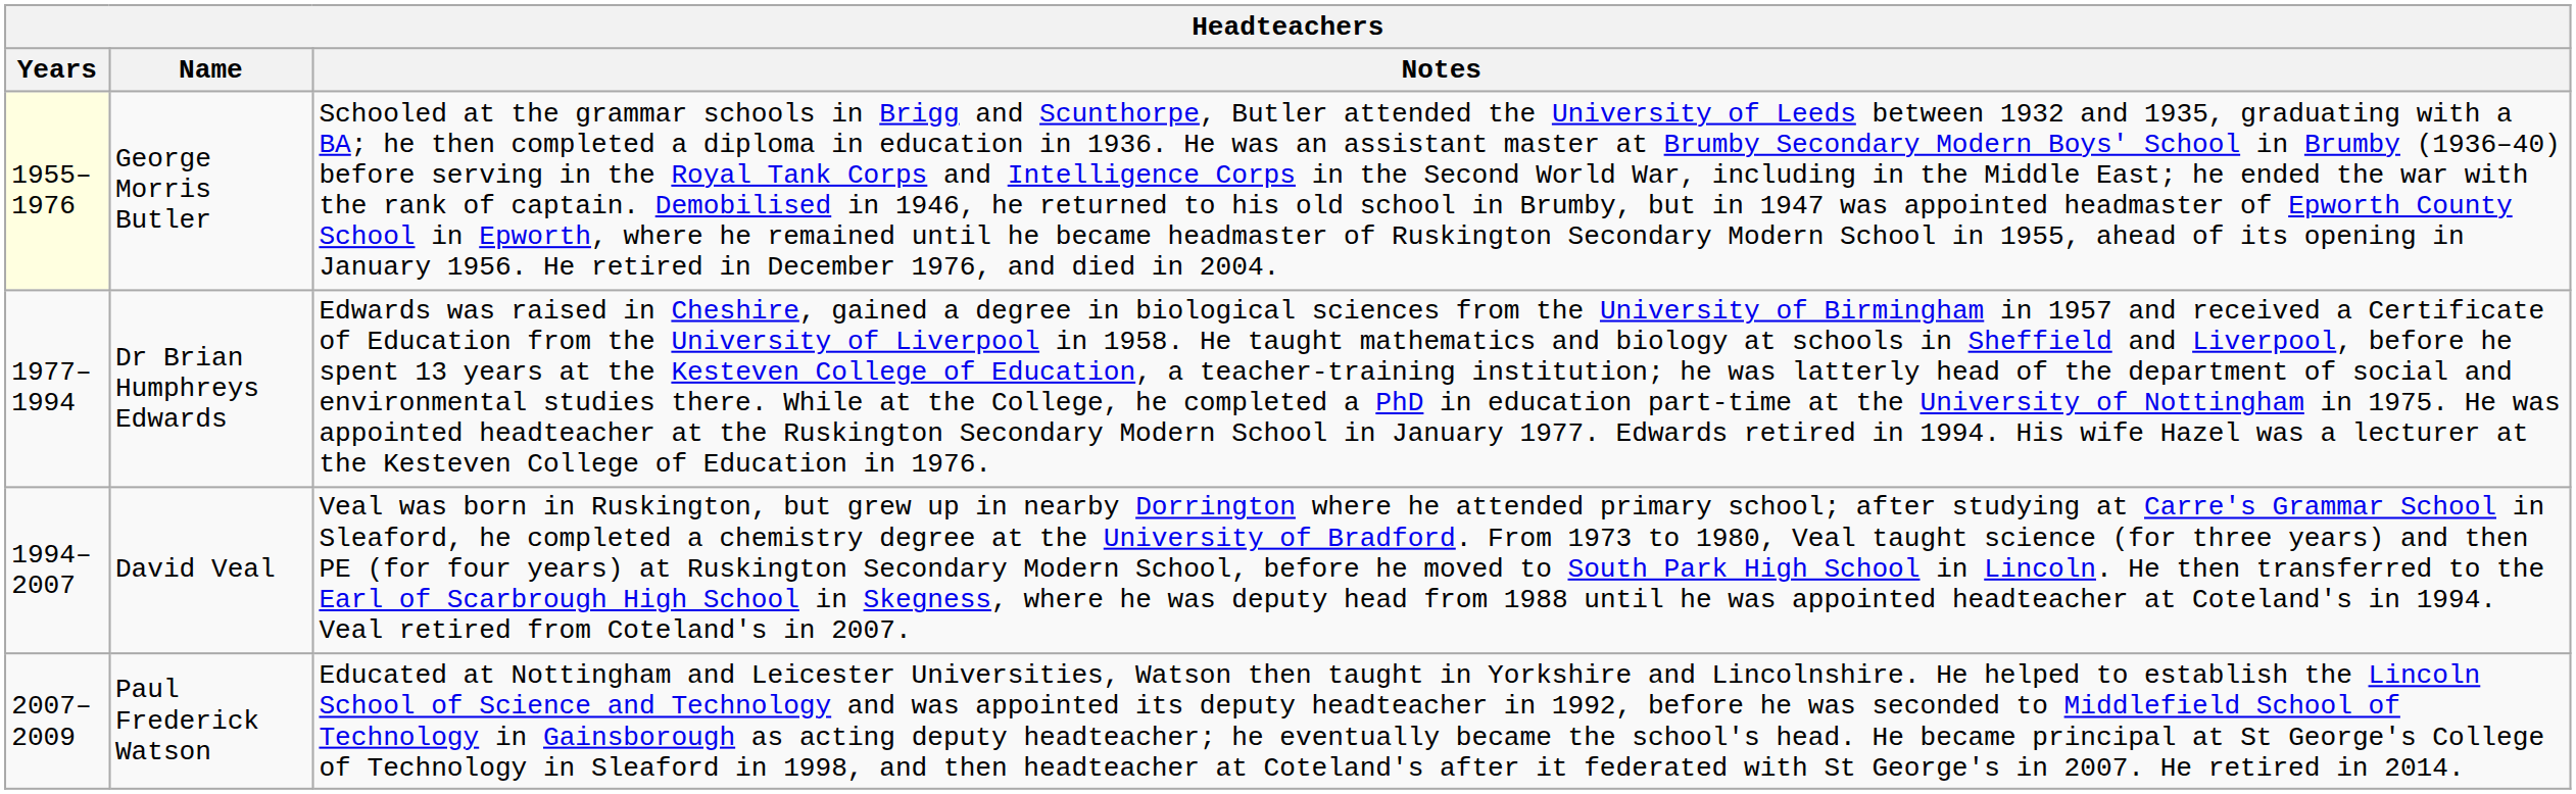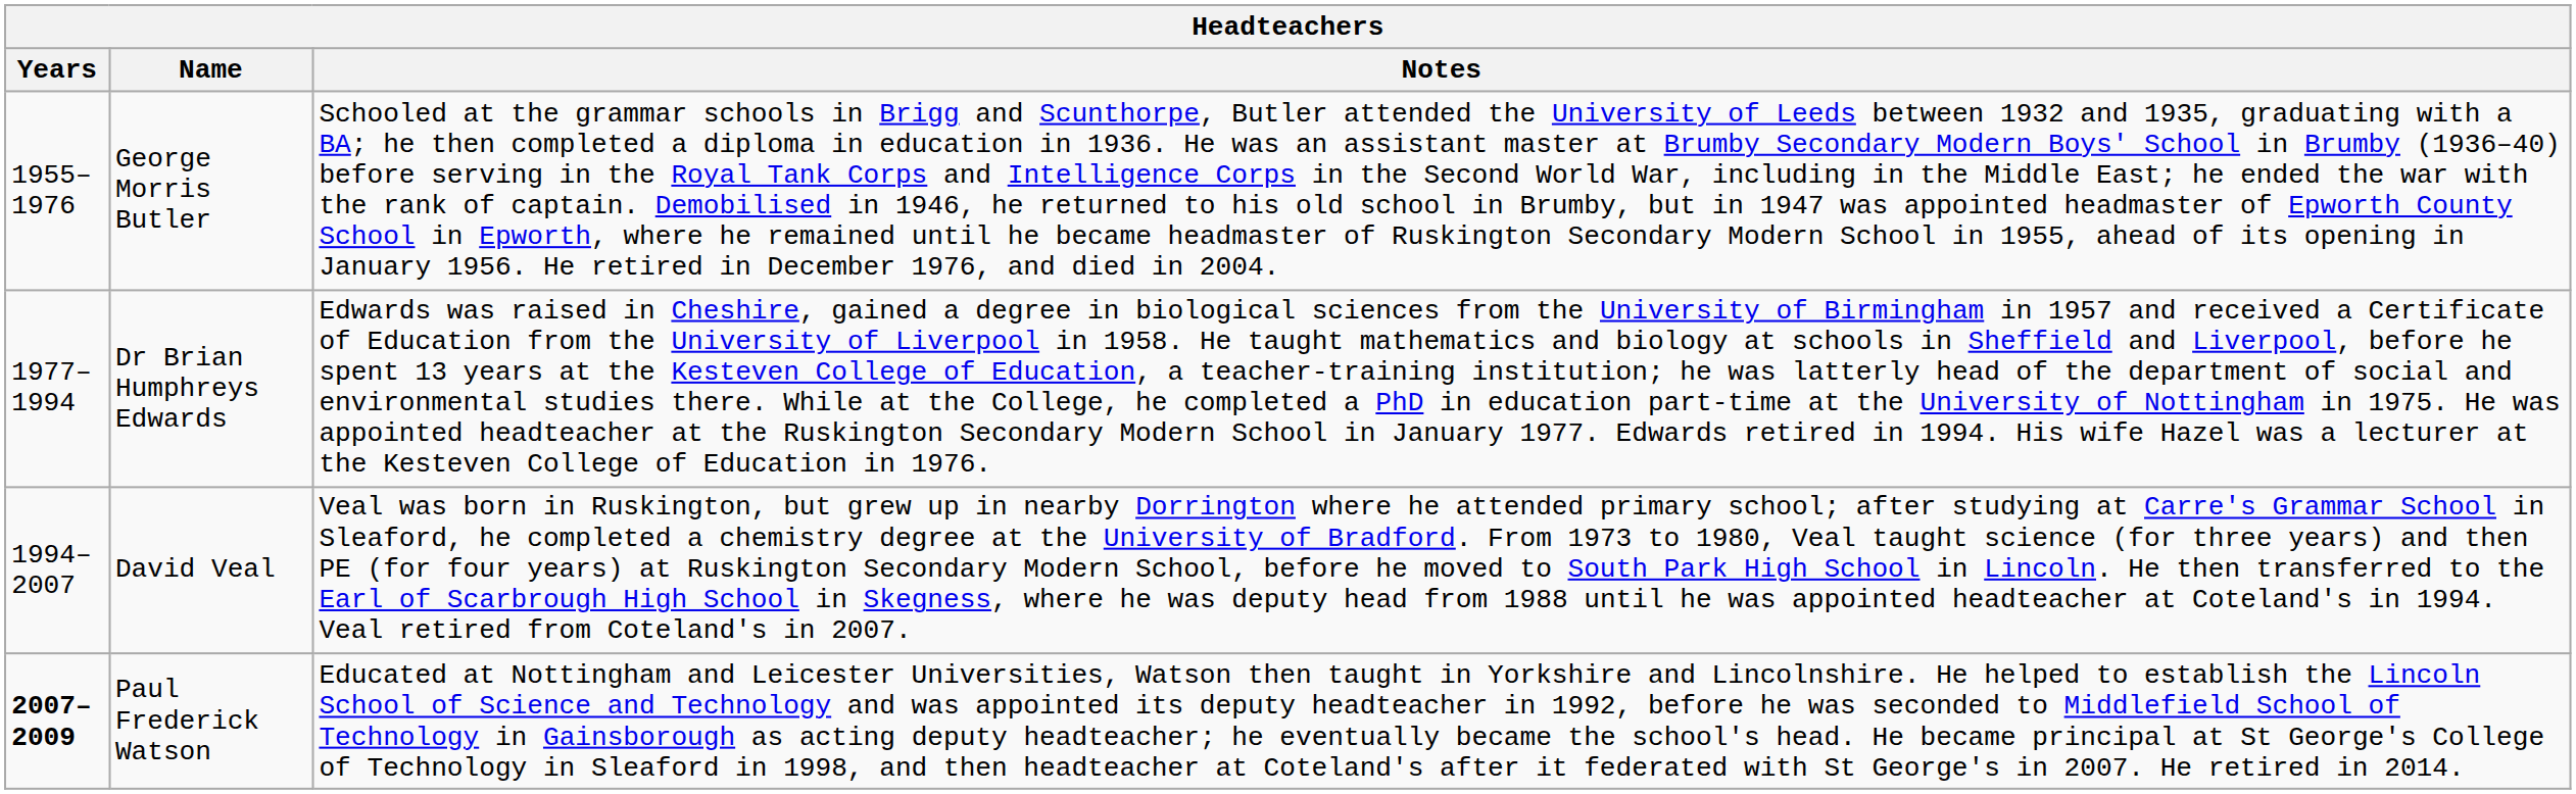 <table class="wikitable">
 <tr>
 <th colspan="3">Headteachers</th>
 </tr>
 <tr>
 <th>Years</th>
 <th>Name</th>
 <th>Notes</th>
 </tr>
 <tr>
-<td style="background: lightyellow;">1955–1976</td>
+<td>1955–1976</td>
 <td>George Morris Butler</td>
 <td>Schooled at the grammar schools in <a href='#'>Brigg</a> and <a href='#'>Scunthorpe</a>, Butler attended the <a href='#'>University of Leeds</a> between 1932 and 1935, graduating with a <a href='#'>BA</a>; he then completed a diploma in education in 1936. He was an assistant master at <a href='#'>Brumby Secondary Modern Boys' School</a> in <a href='#'>Brumby</a> (1936–40) before serving in the <a href='#'>Royal Tank Corps</a> and <a href='#'>Intelligence Corps</a> in the Second World War, including in the Middle East; he ended the war with the rank of captain. <a href='#'>Demobilised</a> in 1946, he returned to his old school in Brumby, but in 1947 was appointed headmaster of <a href='#'>Epworth County School</a> in <a href='#'>Epworth</a>, where he remained until he became headmaster of Ruskington Secondary Modern School in 1955, ahead of its opening in January 1956. He retired in December 1976, and died in 2004.</td>
 </tr>
 <tr>
 <td>1977–1994</td>
 <td>Dr Brian Humphreys Edwards</td>
 <td>Edwards was raised in <a href='#'>Cheshire</a>, gained a degree in biological sciences from the <a href='#'>University of Birmingham</a> in 1957 and received a Certificate of Education from the <a href='#'>University of Liverpool</a> in 1958. He taught mathematics and biology at schools in <a href='#'>Sheffield</a> and <a href='#'>Liverpool</a>, before he spent 13 years at the <a href='#'>Kesteven College of Education</a>, a teacher-training institution; he was latterly head of the department of social and environmental studies there. While at the College, he completed a <a href='#'>PhD</a> in education part-time at the <a href='#'>University of Nottingham</a> in 1975. He was appointed headteacher at the Ruskington Secondary Modern School in January 1977. Edwards retired in 1994. His wife Hazel was a lecturer at the Kesteven College of Education in 1976.</td>
 </tr>
 <tr>
 <td>1994–2007</td>
 <td>David Veal</td>
 <td>Veal was born in Ruskington, but grew up in nearby <a href='#'>Dorrington</a> where he attended primary school; after studying at <a href='#'>Carre's Grammar School</a> in Sleaford, he completed a chemistry degree at the <a href='#'>University of Bradford</a>. From 1973 to 1980, Veal taught science (for three years) and then PE (for four years) at Ruskington Secondary Modern School, before he moved to <a href='#'>South Park High School</a> in <a href='#'>Lincoln</a>. He then transferred to the <a href='#'>Earl of Scarbrough High School</a> in <a href='#'>Skegness</a>, where he was deputy head from 1988 until he was appointed headteacher at Coteland's in 1994. Veal retired from Coteland's in 2007.</td>
 </tr>
 <tr>
-<td>2007–2009</td>
+<td><strong>2007–2009</strong></td>
 <td>Paul Frederick Watson</td>
 <td>Educated at Nottingham and Leicester Universities, Watson then taught in Yorkshire and Lincolnshire. He helped to establish the <a href='#'>Lincoln School of Science and Technology</a> and was appointed its deputy headteacher in 1992, before he was seconded to <a href='#'>Middlefield School of Technology</a> in <a href='#'>Gainsborough</a> as acting deputy headteacher; he eventually became the school's head. He became principal at St George's College of Technology in Sleaford in 1998, and then headteacher at Coteland's after it federated with St George's in 2007. He retired in 2014.</td>
 </tr>
 </table>
